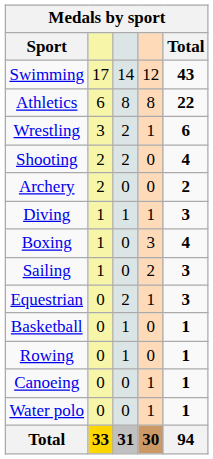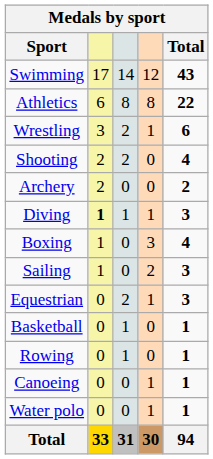 <table class="wikitable" style=font-size:85%;float:right;text-align:center>
 <tr>
 <th colspan=5>Medals by sport</th>
 </tr>
 <tr>
 <th>Sport</th>
 <td bgcolor=F7F6A8></td>
 <td bgcolor=DCE5E5></td>
 <td bgcolor=FFDAB9></td>
 <th>Total</th>
 </tr>
 <tr>
 <td><a href='#'>Swimming</a></td>
 <td bgcolor=F7F6A8>17</td>
 <td bgcolor=DCE5E5>14</td>
 <td bgcolor=FFDAB9>12</td>
 <td><strong>43</strong></td>
 </tr>
 <tr>
 <td><a href='#'>Athletics</a></td>
 <td bgcolor=F7F6A8>6</td>
 <td bgcolor=DCE5E5>8</td>
 <td bgcolor=FFDAB9>8</td>
 <td><strong>22</strong></td>
 </tr>
 <tr>
 <td><a href='#'>Wrestling</a></td>
 <td bgcolor=F7F6A8>3</td>
 <td bgcolor=DCE5E5>2</td>
 <td bgcolor=FFDAB9>1</td>
 <td><strong>6</strong></td>
 </tr>
 <tr>
 <td><a href='#'>Shooting</a></td>
 <td bgcolor=F7F6A8>2</td>
 <td bgcolor=DCE5E5>2</td>
 <td bgcolor=FFDAB9>0</td>
 <td><strong>4</strong></td>
 </tr>
 <tr>
 <td><a href='#'>Archery</a></td>
 <td bgcolor=F7F6A8>2</td>
 <td bgcolor=DCE5E5>0</td>
 <td bgcolor=FFDAB9>0</td>
 <td><strong>2</strong></td>
 </tr>
 <tr>
 <td><a href='#'>Diving</a></td>
-<td bgcolor=F7F6A8>1</td>
+<td bgcolor=F7F6A8><strong>1</strong></td>
 <td bgcolor=DCE5E5>1</td>
 <td bgcolor=FFDAB9>1</td>
 <td><strong>3</strong></td>
 </tr>
 <tr>
 <td><a href='#'>Boxing</a></td>
 <td bgcolor=F7F6A8>1</td>
 <td bgcolor=DCE5E5>0</td>
 <td bgcolor=FFDAB9>3</td>
 <td><strong>4</strong></td>
 </tr>
 <tr>
 <td><a href='#'>Sailing</a></td>
 <td bgcolor=F7F6A8>1</td>
 <td bgcolor=DCE5E5>0</td>
 <td bgcolor=FFDAB9>2</td>
 <td><strong>3</strong></td>
 </tr>
 <tr>
 <td><a href='#'>Equestrian</a></td>
 <td bgcolor=F7F6A8>0</td>
 <td bgcolor=DCE5E5>2</td>
 <td bgcolor=FFDAB9>1</td>
 <td><strong>3</strong></td>
 </tr>
 <tr>
 <td><a href='#'>Basketball</a></td>
 <td bgcolor=F7F6A8>0</td>
 <td bgcolor=DCE5E5>1</td>
 <td bgcolor=FFDAB9>0</td>
 <td><strong>1</strong></td>
 </tr>
 <tr>
 <td><a href='#'>Rowing</a></td>
 <td bgcolor=F7F6A8>0</td>
 <td bgcolor=DCE5E5>1</td>
 <td bgcolor=FFDAB9>0</td>
 <td><strong>1</strong></td>
 </tr>
 <tr>
 <td><a href='#'>Canoeing</a></td>
 <td bgcolor=F7F6A8>0</td>
 <td bgcolor=DCE5E5>0</td>
 <td bgcolor=FFDAB9>1</td>
 <td><strong>1</strong></td>
 </tr>
 <tr>
 <td><a href='#'>Water polo</a></td>
 <td bgcolor=F7F6A8>0</td>
 <td bgcolor=DCE5E5>0</td>
 <td bgcolor=FFDAB9>1</td>
 <td><strong>1</strong></td>
 </tr>
 <tr>
 <th>Total</th>
 <th style=background:gold>33</th>
 <th style=background:silver>31</th>
 <th style=background:#c96>30</th>
 <th>94</th>
 </tr>
 </table>
